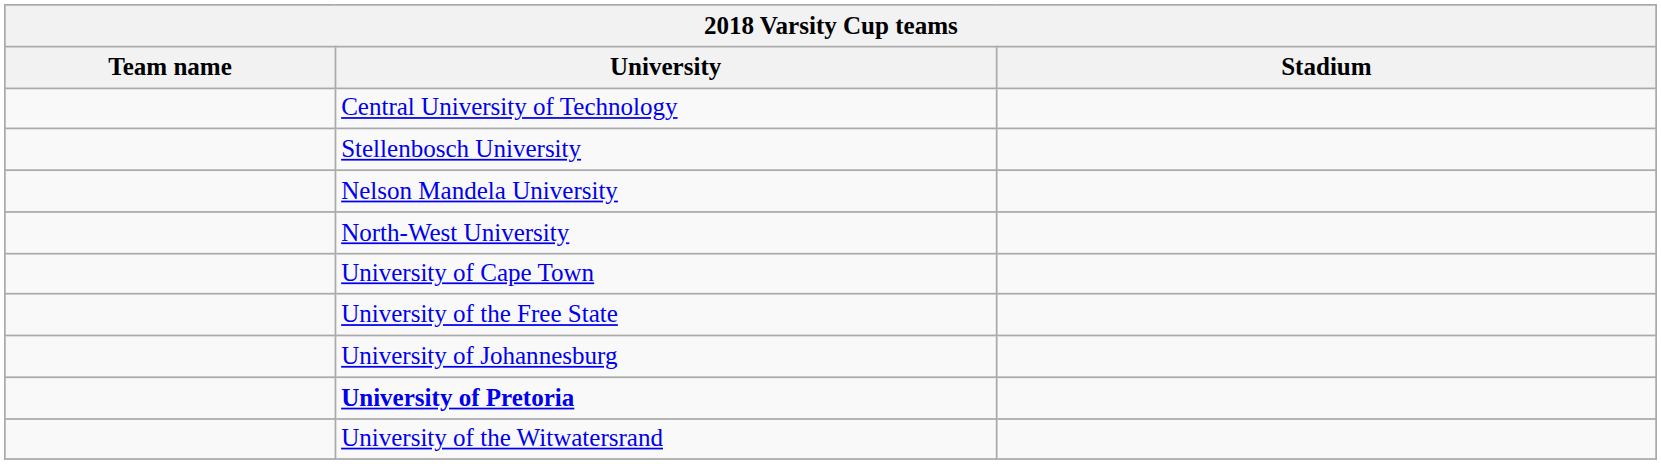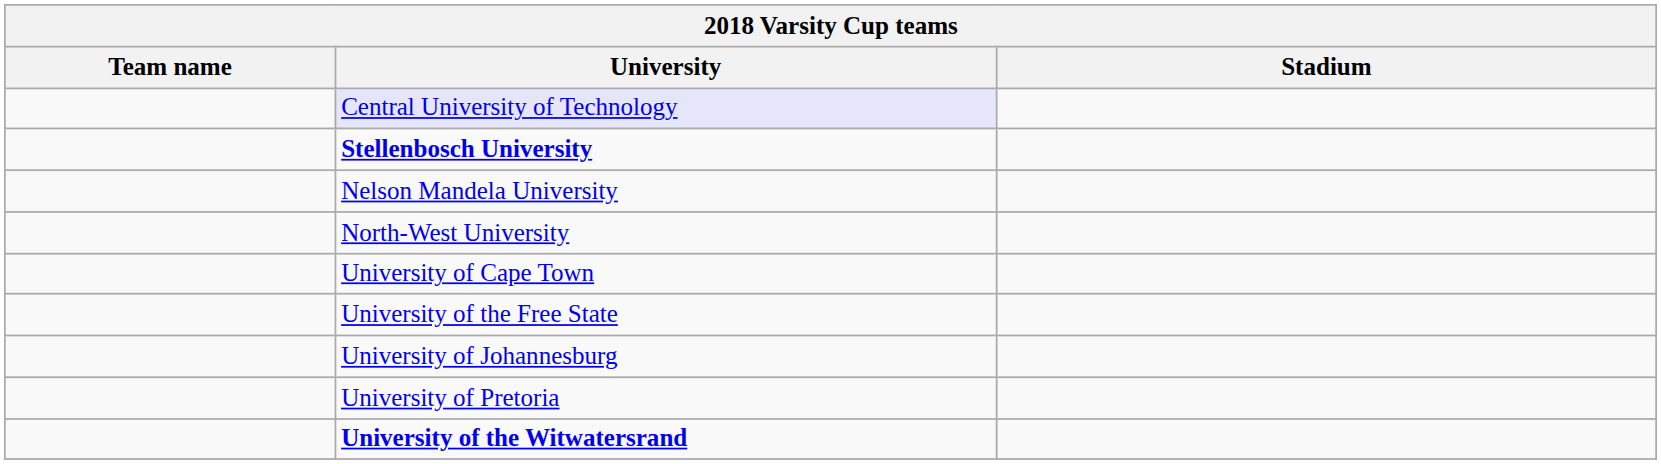 <table class="wikitable" style="text-align:left; font-size:90%; width:60%;">
 <tr>
 <th colspan=4 align=center><strong>2018 Varsity Cup teams</strong></th>
 </tr>
 <tr>
 <th width="20%">Team name</th>
 <th width="40%">University</th>
 <th width="40%">Stadium</th>
 </tr>
 <tr>
 <td></td>
-<td><a href='#'>Central University of Technology</a></td>
+<td style="background: lavender;"><a href='#'>Central University of Technology</a></td>
 <td></td>
 </tr>
 <tr>
 <td></td>
-<td><a href='#'>Stellenbosch University</a></td>
+<td><strong><a href='#'>Stellenbosch University</a></strong></td>
 <td></td>
 </tr>
 <tr>
 <td></td>
 <td><a href='#'>Nelson Mandela University</a></td>
 <td></td>
 </tr>
 <tr>
 <td></td>
 <td><a href='#'>North-West University</a></td>
 <td></td>
 </tr>
 <tr>
 <td></td>
 <td><a href='#'>University of Cape Town</a></td>
 <td></td>
 </tr>
 <tr>
 <td></td>
 <td><a href='#'>University of the Free State</a></td>
 <td></td>
 </tr>
 <tr>
 <td></td>
 <td><a href='#'>University of Johannesburg</a></td>
 <td></td>
 </tr>
 <tr>
 <td></td>
-<td><strong><a href='#'>University of Pretoria</a></strong></td>
+<td><a href='#'>University of Pretoria</a></td>
 <td></td>
 </tr>
 <tr>
 <td></td>
-<td><a href='#'>University of the Witwatersrand</a></td>
+<td><strong><a href='#'>University of the Witwatersrand</a></strong></td>
 <td></td>
 </tr>
 </table>
